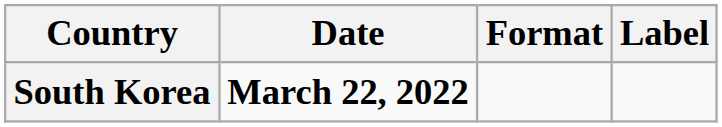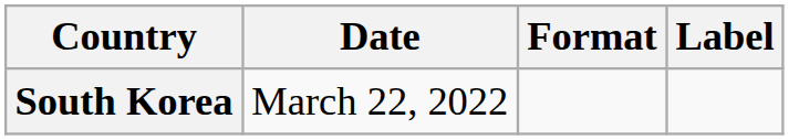 <table class="wikitable plainrowheaders">
 <tr>
 <th scope="col">Country</th>
 <th scope="col">Date</th>
 <th scope="col">Format</th>
 <th scope="col">Label</th>
 </tr>
 <tr>
 <th scope="row" rowspan="2">South Korea</th>
-<td><strong>March 22, 2022</strong></td>
+<td>March 22, 2022</td>
 <td></td>
 <td></td>
 </tr>
 </table>
